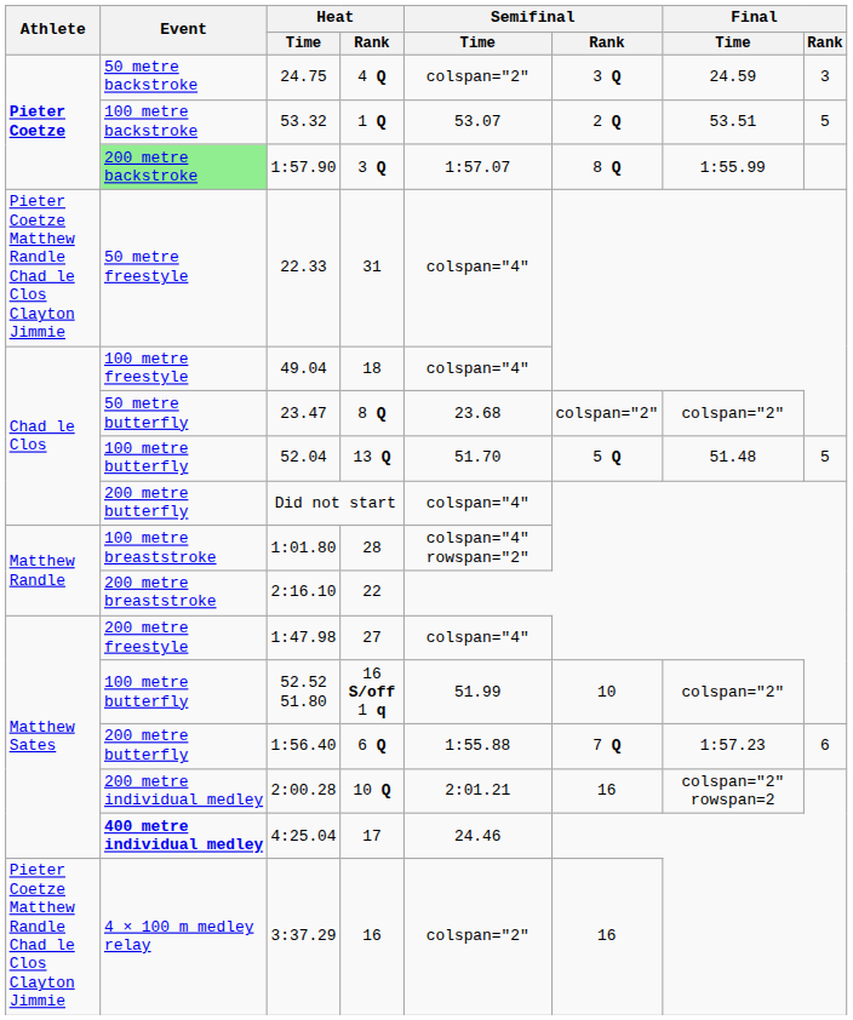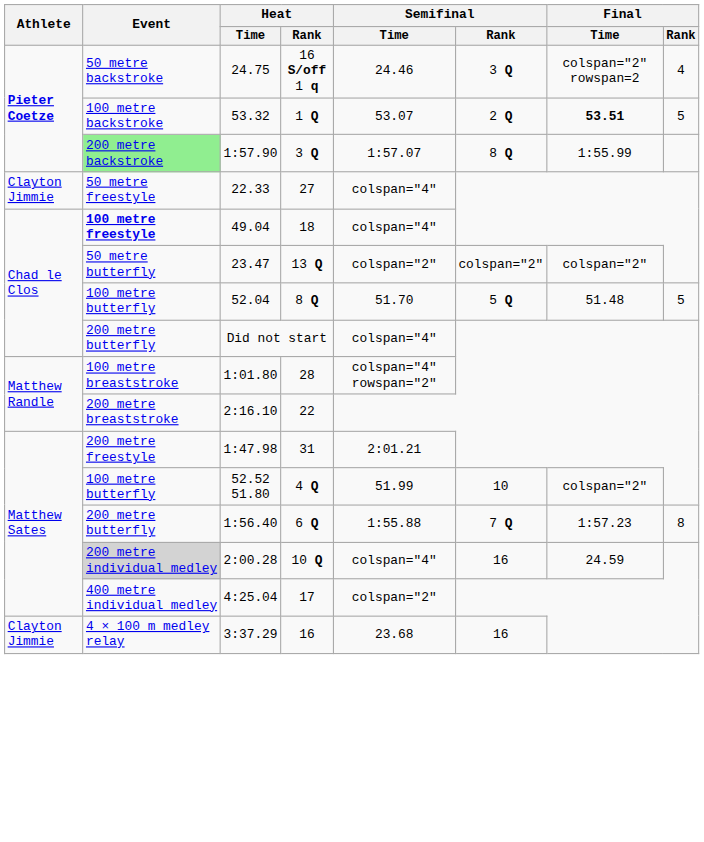 <table class="wikitable" style="text-align:center; font-size:90%; width:50%;">
 <tr>
 <th rowspan="2">Athlete</th>
 <th rowspan="2">Event</th>
 <th colspan="2">Heat</th>
 <th colspan="2">Semifinal</th>
 <th colspan="2">Final</th>
 </tr>
 <tr style="font-size:95%">
 <th>Time</th>
 <th>Rank</th>
 <th>Time</th>
 <th>Rank</th>
 <th>Time</th>
 <th>Rank</th>
 </tr>
 <tr align=center>
 <td align=left rowspan="3"><strong><a href='#'>Pieter Coetze</a></strong></td>
 <td align=left><a href='#'>50 metre backstroke</a></td>
 <td>24.75</td>
-<td>4 <strong>Q</strong></td>
-<td>colspan="2"  </td>
+<td>16 <strong>S/off</strong><br>1 <strong>q</strong></td>
+<td>24.46</td>
 <td>3 <strong>Q</strong></td>
-<td>24.59</td>
-<td>3</td>
+<td>colspan="2" rowspan=2  </td>
+<td>4</td>
 </tr>
 <tr align=center>
 <td align=left><a href='#'>100 metre backstroke</a></td>
 <td>53.32</td>
 <td>1 <strong>Q</strong></td>
 <td>53.07</td>
 <td>2 <strong>Q</strong></td>
-<td>53.51</td>
+<td><strong>53.51</strong></td>
 <td>5</td>
 </tr>
 <tr align=center>
 <td align=left style="background: lightgreen;"><a href='#'>200 metre backstroke</a></td>
 <td>1:57.90</td>
 <td>3 <strong>Q</strong></td>
 <td>1:57.07</td>
 <td>8 <strong>Q</strong></td>
 <td>1:55.99</td>
 <td></td>
 </tr>
 <tr align=center>
-<td align=left><a href='#'>Pieter Coetze</a> <br><a href='#'>Matthew Randle</a> <br><a href='#'>Chad le Clos</a> <br><a href='#'>Clayton Jimmie</a></td>
+<td align=left><a href='#'>Clayton Jimmie</a></td>
 <td align=left><a href='#'>50 metre freestyle</a></td>
 <td>22.33</td>
-<td>31</td>
+<td>27</td>
 <td>colspan="4" </td>
 </tr>
 <tr align=center>
 <td align=left rowspan="4"><a href='#'>Chad le Clos</a></td>
-<td align=left><a href='#'>100 metre freestyle</a></td>
+<td align=left><strong><a href='#'>100 metre freestyle</a></strong></td>
 <td>49.04</td>
 <td>18</td>
 <td>colspan="4" </td>
 </tr>
 <tr align=center>
 <td align=left><a href='#'>50 metre butterfly</a></td>
 <td>23.47</td>
-<td>8 <strong>Q</strong></td>
-<td>23.68</td>
+<td>13 <strong>Q</strong></td>
+<td>colspan="2" </td>
 <td>colspan="2"  </td>
 <td>colspan="2"  </td>
 </tr>
 <tr align=center>
 <td align=left><a href='#'>100 metre butterfly</a></td>
 <td>52.04</td>
-<td>13 <strong>Q</strong></td>
+<td>8 <strong>Q</strong></td>
 <td>51.70</td>
 <td>5 <strong>Q</strong></td>
 <td>51.48</td>
 <td>5</td>
 </tr>
 <tr align=center>
 <td align=left><a href='#'>200 metre butterfly</a></td>
 <td colspan="2">Did not start</td>
 <td>colspan="4"  </td>
 </tr>
 <tr align=center>
 <td align=left rowspan="2"><a href='#'>Matthew Randle</a></td>
 <td align=left><a href='#'>100 metre breaststroke</a></td>
 <td>1:01.80</td>
 <td>28</td>
 <td>colspan="4" rowspan="2" </td>
 </tr>
 <tr align=center>
 <td align=left><a href='#'>200 metre breaststroke</a></td>
 <td>2:16.10</td>
 <td>22</td>
 </tr>
 <tr align=center>
 <td align=left rowspan="5"><a href='#'>Matthew Sates</a></td>
 <td align=left><a href='#'>200 metre freestyle</a></td>
 <td>1:47.98</td>
-<td>27</td>
-<td>colspan="4"  </td>
+<td>31</td>
+<td>2:01.21</td>
 </tr>
 <tr align=center>
 <td align=left><a href='#'>100 metre butterfly</a></td>
 <td>52.52<br>51.80</td>
-<td>16 <strong>S/off</strong><br>1 <strong>q</strong></td>
+<td>4 <strong>Q</strong></td>
 <td>51.99</td>
 <td>10</td>
 <td>colspan="2"  </td>
 </tr>
 <tr align=center>
 <td align=left><a href='#'>200 metre butterfly</a></td>
 <td>1:56.40</td>
 <td>6 <strong>Q</strong></td>
 <td>1:55.88</td>
 <td>7 <strong>Q</strong></td>
 <td>1:57.23</td>
-<td>6</td>
+<td>8</td>
 </tr>
 <tr align=center>
-<td align=left><a href='#'>200 metre individual medley</a></td>
+<td align=left style="background: lightgrey;"><a href='#'>200 metre individual medley</a></td>
 <td>2:00.28</td>
 <td>10 <strong>Q</strong></td>
-<td>2:01.21</td>
+<td>colspan="4"  </td>
 <td>16</td>
-<td>colspan="2" rowspan=2  </td>
+<td>24.59</td>
 </tr>
 <tr align=center>
-<td align=left><strong><a href='#'>400 metre individual medley</a></strong></td>
+<td align=left><a href='#'>400 metre individual medley</a></td>
 <td>4:25.04</td>
 <td>17</td>
-<td>24.46</td>
+<td>colspan="2"  </td>
 </tr>
 <tr>
-<td align=left><a href='#'>Pieter Coetze</a> <br><a href='#'>Matthew Randle</a> <br><a href='#'>Chad le Clos</a> <br><a href='#'>Clayton Jimmie</a></td>
+<td align=left><a href='#'>Clayton Jimmie</a></td>
 <td align=left><a href='#'>4 × 100 m medley relay</a></td>
 <td>3:37.29</td>
 <td>16</td>
-<td>colspan="2" </td>
+<td>23.68</td>
 <td>16</td>
 </tr>
 </table>
